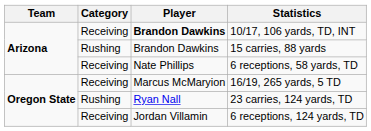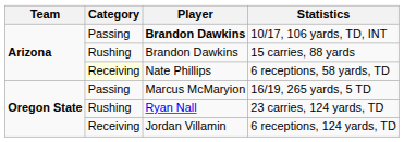 <table class="wikitable" style="float: right;">
 <tr>
 <th>Team</th>
 <th>Category</th>
 <th>Player</th>
 <th>Statistics</th>
 </tr>
 <tr>
 <td rowspan=3><strong>Arizona</strong></td>
-<td>Receiving</td>
+<td>Passing</td>
 <td><strong>Brandon Dawkins</strong></td>
 <td>10/17, 106 yards, TD, INT</td>
 </tr>
 <tr>
 <td>Rushing</td>
 <td>Brandon Dawkins</td>
 <td>15 carries, 88 yards</td>
 </tr>
 <tr>
-<td>Receiving</td>
+<td style="background: lightyellow;">Receiving</td>
 <td>Nate Phillips</td>
 <td>6 receptions, 58 yards, TD</td>
 </tr>
 <tr>
 <td rowspan=3><strong>Oregon State</strong></td>
-<td>Receiving</td>
+<td>Passing</td>
 <td>Marcus McMaryion</td>
 <td>16/19, 265 yards, 5 TD</td>
 </tr>
 <tr>
 <td>Rushing</td>
 <td><a href='#'>Ryan Nall</a></td>
 <td>23 carries, 124 yards, TD</td>
 </tr>
 <tr>
 <td>Receiving</td>
 <td>Jordan Villamin</td>
 <td>6 receptions, 124 yards, TD</td>
 </tr>
 </table>
